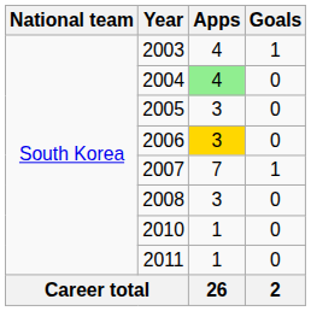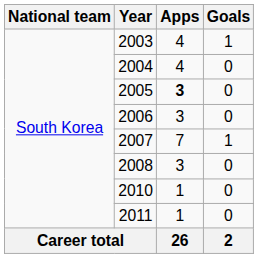 <table class="wikitable" style="text-align:center">
 <tr>
 <th>National team</th>
 <th>Year</th>
 <th>Apps</th>
 <th>Goals</th>
 </tr>
 <tr>
 <td rowspan=8><a href='#'>South Korea</a></td>
 <td>2003</td>
 <td>4</td>
 <td>1</td>
 </tr>
 <tr>
 <td>2004</td>
-<td style="background: lightgreen;">4</td>
+<td>4</td>
 <td>0</td>
 </tr>
 <tr>
 <td>2005</td>
-<td>3</td>
+<td><strong>3</strong></td>
 <td>0</td>
 </tr>
 <tr>
 <td>2006</td>
-<td style="background: gold;">3</td>
+<td>3</td>
 <td>0</td>
 </tr>
 <tr>
 <td>2007</td>
 <td>7</td>
 <td>1</td>
 </tr>
 <tr>
 <td>2008</td>
 <td>3</td>
 <td>0</td>
 </tr>
 <tr>
 <td>2010</td>
 <td>1</td>
 <td>0</td>
 </tr>
 <tr>
 <td>2011</td>
 <td>1</td>
 <td>0</td>
 </tr>
 <tr>
 <th colspan="2">Career total</th>
 <th>26</th>
 <th>2</th>
 </tr>
 </table>
